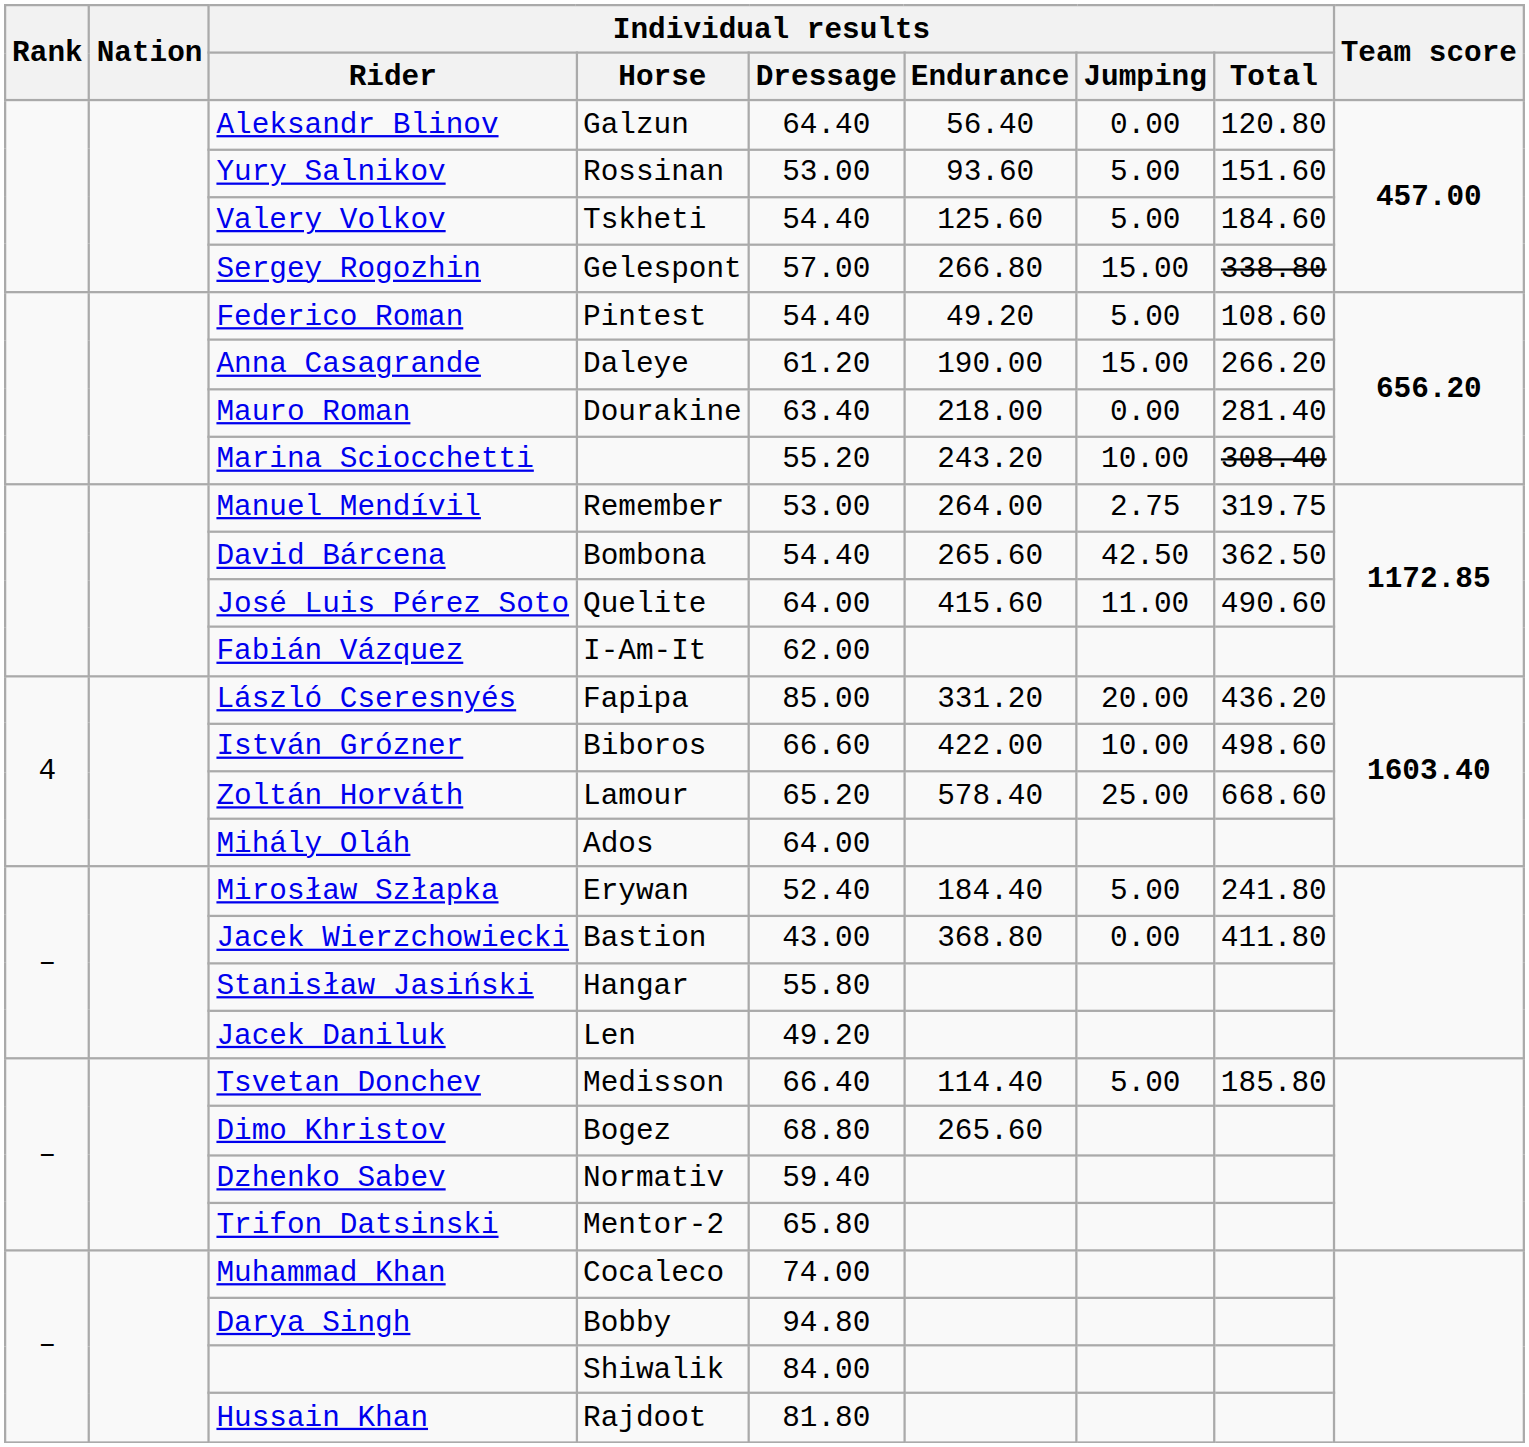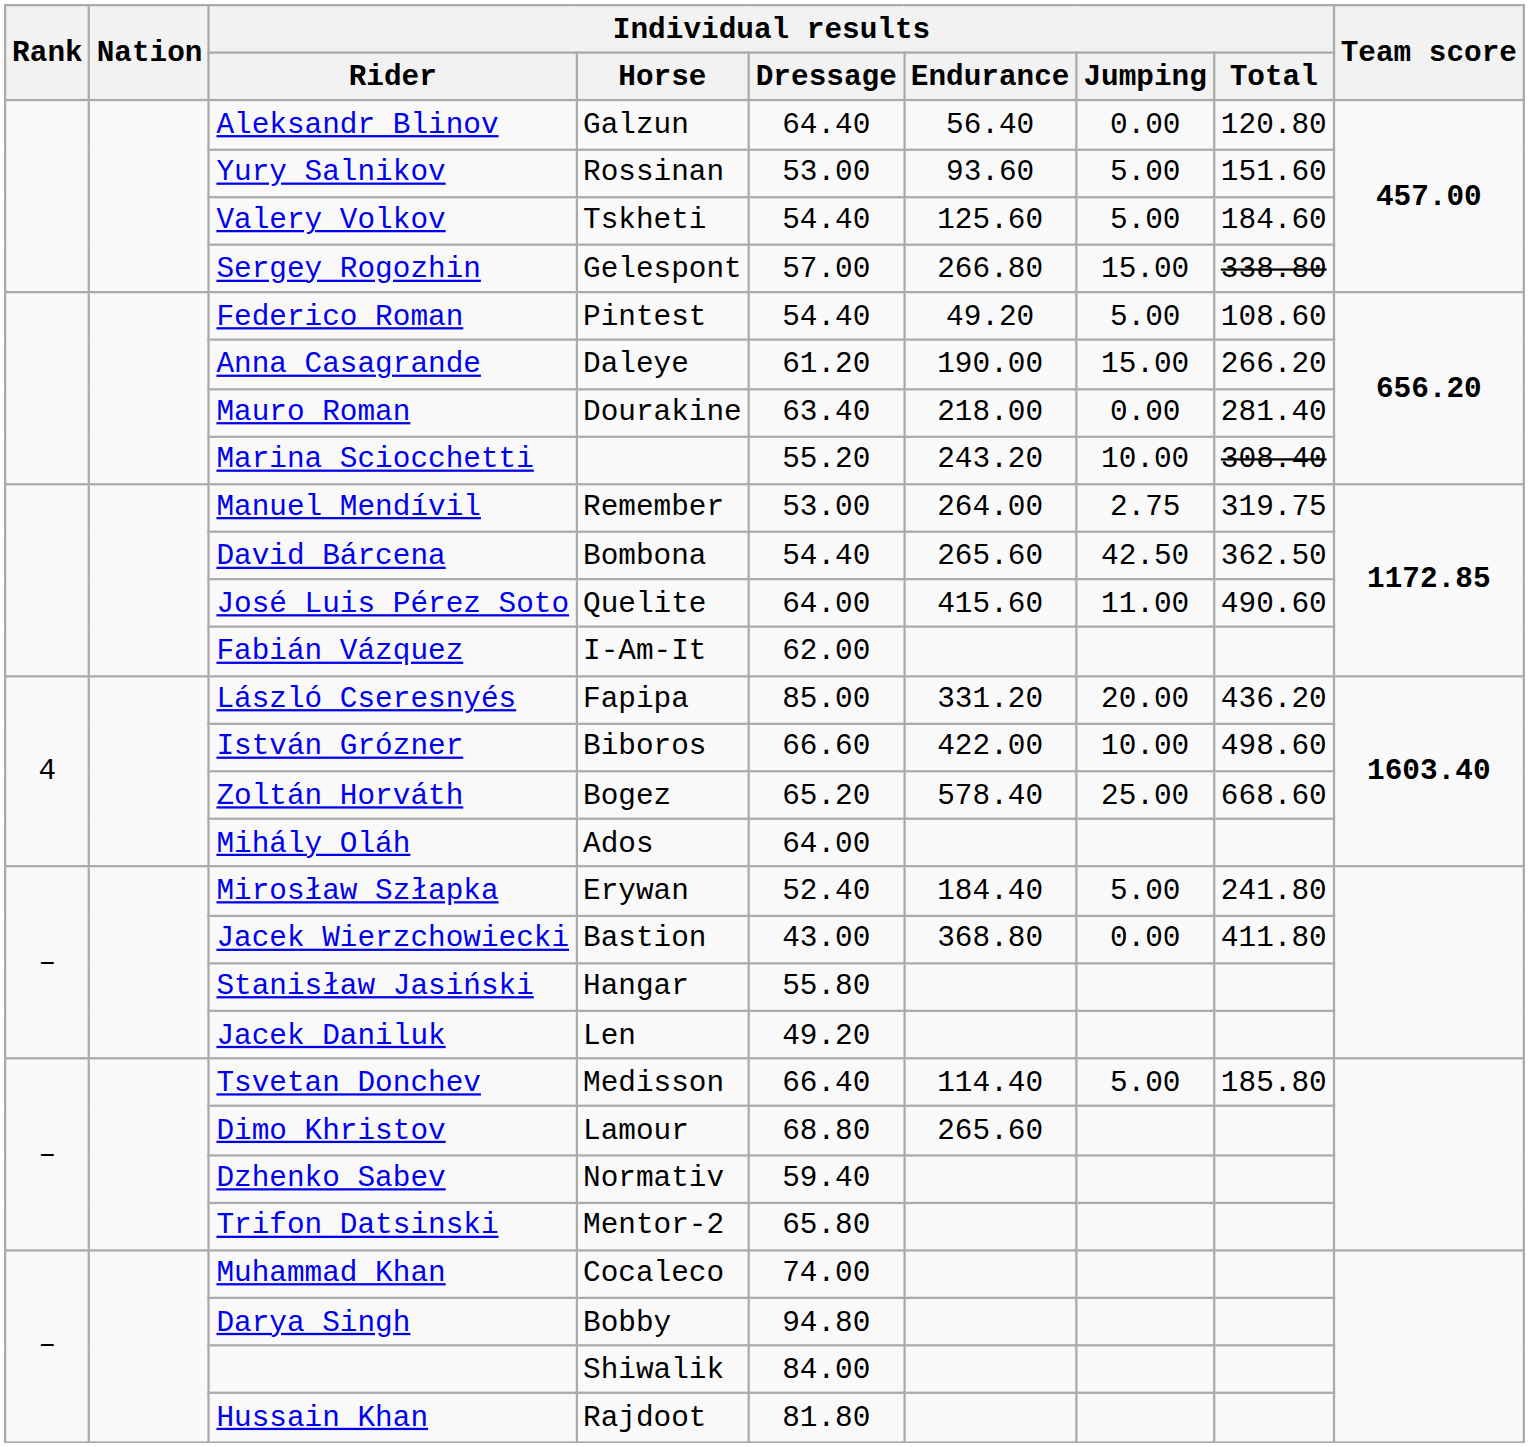 <table class="wikitable sortable" style="text-align:center">
 <tr>
 <th rowspan=2>Rank</th>
 <th rowspan=2>Nation</th>
 <th colspan=6>Individual results</th>
 <th rowspan=2>Team score</th>
 </tr>
 <tr>
 <th>Rider</th>
 <th>Horse</th>
 <th>Dressage</th>
 <th>Endurance</th>
 <th>Jumping</th>
 <th>Total</th>
 </tr>
 <tr>
 <td rowspan=4></td>
 <td align=left rowspan=4></td>
 <td align=left><a href='#'>Aleksandr Blinov</a></td>
 <td align=left>Galzun</td>
 <td>64.40</td>
 <td>56.40</td>
 <td>0.00</td>
 <td>120.80</td>
 <td rowspan=4><strong>457.00</strong></td>
 </tr>
 <tr>
 <td align=left><a href='#'>Yury Salnikov</a></td>
 <td align=left>Rossinan</td>
 <td>53.00</td>
 <td>93.60</td>
 <td>5.00</td>
 <td>151.60</td>
 </tr>
 <tr>
 <td align=left><a href='#'>Valery Volkov</a></td>
 <td align=left>Tskheti</td>
 <td>54.40</td>
 <td>125.60</td>
 <td>5.00</td>
 <td>184.60</td>
 </tr>
 <tr>
 <td align=left><a href='#'>Sergey Rogozhin</a></td>
 <td align=left>Gelespont</td>
 <td>57.00</td>
 <td>266.80</td>
 <td>15.00</td>
 <td><s>338.80</s></td>
 </tr>
 <tr>
 <td rowspan=4></td>
 <td align=left rowspan=4></td>
 <td align=left><a href='#'>Federico Roman</a></td>
 <td align=left>Pintest</td>
 <td>54.40</td>
 <td>49.20</td>
 <td>5.00</td>
 <td>108.60</td>
 <td rowspan=4><strong>656.20</strong></td>
 </tr>
 <tr>
 <td align=left><a href='#'>Anna Casagrande</a></td>
 <td align=left>Daleye</td>
 <td>61.20</td>
 <td>190.00</td>
 <td>15.00</td>
 <td>266.20</td>
 </tr>
 <tr>
 <td align=left><a href='#'>Mauro Roman</a></td>
 <td align=left>Dourakine</td>
 <td>63.40</td>
 <td>218.00</td>
 <td>0.00</td>
 <td>281.40</td>
 </tr>
 <tr>
 <td align=left><a href='#'>Marina Sciocchetti</a></td>
 <td align=left></td>
 <td>55.20</td>
 <td>243.20</td>
 <td>10.00</td>
 <td><s>308.40</s></td>
 </tr>
 <tr>
 <td rowspan=4></td>
 <td align=left rowspan=4></td>
 <td align=left><a href='#'>Manuel Mendívil</a></td>
 <td align=left>Remember</td>
 <td>53.00</td>
 <td>264.00</td>
 <td>2.75</td>
 <td>319.75</td>
 <td rowspan=4><strong>1172.85</strong></td>
 </tr>
 <tr>
 <td align=left><a href='#'>David Bárcena</a></td>
 <td align=left>Bombona</td>
 <td>54.40</td>
 <td>265.60</td>
 <td>42.50</td>
 <td>362.50</td>
 </tr>
 <tr>
 <td align=left><a href='#'>José Luis Pérez Soto</a></td>
 <td align=left>Quelite</td>
 <td>64.00</td>
 <td>415.60</td>
 <td>11.00</td>
 <td>490.60</td>
 </tr>
 <tr>
 <td align=left><a href='#'>Fabián Vázquez</a></td>
 <td align=left>I-Am-It</td>
 <td>62.00</td>
 <td></td>
 <td></td>
 <td></td>
 </tr>
 <tr>
 <td rowspan=4>4</td>
 <td align=left rowspan=4></td>
 <td align=left><a href='#'>László Cseresnyés</a></td>
 <td align=left>Fapipa</td>
 <td>85.00</td>
 <td>331.20</td>
 <td>20.00</td>
 <td>436.20</td>
 <td rowspan=4><strong>1603.40</strong></td>
 </tr>
 <tr>
 <td align=left><a href='#'>István Grózner</a></td>
 <td align=left>Biboros</td>
 <td>66.60</td>
 <td>422.00</td>
 <td>10.00</td>
 <td>498.60</td>
 </tr>
 <tr>
 <td align=left><a href='#'>Zoltán Horváth</a></td>
-<td align=left>Lamour</td>
+<td align=left>Bogez</td>
 <td>65.20</td>
 <td>578.40</td>
 <td>25.00</td>
 <td>668.60</td>
 </tr>
 <tr>
 <td align=left><a href='#'>Mihály Oláh</a></td>
 <td align=left>Ados</td>
 <td>64.00</td>
 <td></td>
 <td></td>
 <td></td>
 </tr>
 <tr>
 <td rowspan=4 data-sort-value=5>–</td>
 <td align=left rowspan=4></td>
 <td align=left><a href='#'>Mirosław Szłapka</a></td>
 <td align=left>Erywan</td>
 <td>52.40</td>
 <td>184.40</td>
 <td>5.00</td>
 <td>241.80</td>
 <td rowspan=4></td>
 </tr>
 <tr>
 <td align=left><a href='#'>Jacek Wierzchowiecki</a></td>
 <td align=left>Bastion</td>
 <td>43.00</td>
 <td>368.80</td>
 <td>0.00</td>
 <td>411.80</td>
 </tr>
 <tr>
 <td align=left><a href='#'>Stanisław Jasiński</a></td>
 <td align=left>Hangar</td>
 <td>55.80</td>
 <td></td>
 <td></td>
 <td></td>
 </tr>
 <tr>
 <td align=left><a href='#'>Jacek Daniluk</a></td>
 <td align=left>Len</td>
 <td>49.20</td>
 <td></td>
 <td></td>
 <td></td>
 </tr>
 <tr>
 <td rowspan=4 data-sort-value=6>–</td>
 <td align=left rowspan=4></td>
 <td align=left><a href='#'>Tsvetan Donchev</a></td>
 <td align=left>Medisson</td>
 <td>66.40</td>
 <td>114.40</td>
 <td>5.00</td>
 <td>185.80</td>
 <td rowspan=4></td>
 </tr>
 <tr>
 <td align=left><a href='#'>Dimo Khristov</a></td>
-<td align=left>Bogez</td>
+<td align=left>Lamour</td>
 <td>68.80</td>
 <td>265.60</td>
 <td></td>
 <td></td>
 </tr>
 <tr>
 <td align=left><a href='#'>Dzhenko Sabev</a></td>
 <td align=left>Normativ</td>
 <td>59.40</td>
 <td></td>
 <td></td>
 <td></td>
 </tr>
 <tr>
 <td align=left><a href='#'>Trifon Datsinski</a></td>
 <td align=left>Mentor-2</td>
 <td>65.80</td>
 <td></td>
 <td></td>
 <td></td>
 </tr>
 <tr>
 <td rowspan=4 data-sort-value=7>–</td>
 <td align=left rowspan=4></td>
 <td align=left><a href='#'>Muhammad Khan</a></td>
 <td align=left>Cocaleco</td>
 <td>74.00</td>
 <td></td>
 <td></td>
 <td></td>
 <td rowspan=4></td>
 </tr>
 <tr>
 <td align=left><a href='#'>Darya Singh</a></td>
 <td align=left>Bobby</td>
 <td>94.80</td>
 <td></td>
 <td></td>
 <td></td>
 </tr>
 <tr>
 <td align=left></td>
 <td align=left>Shiwalik</td>
 <td>84.00</td>
 <td></td>
 <td></td>
 <td></td>
 </tr>
 <tr>
 <td align=left><a href='#'>Hussain Khan</a></td>
 <td align=left>Rajdoot</td>
 <td>81.80</td>
 <td></td>
 <td></td>
 <td></td>
 </tr>
 </table>
